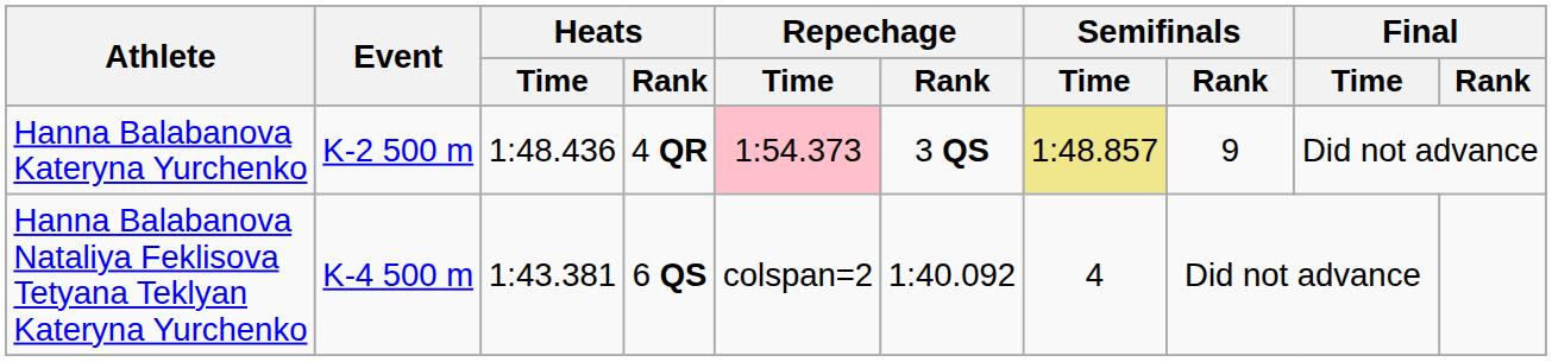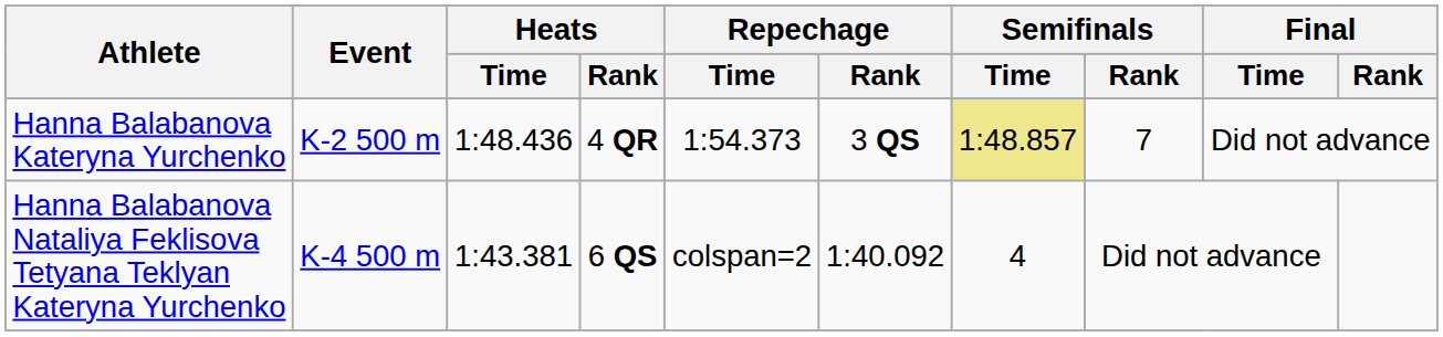 <table class=wikitable style="font-size:90%">
 <tr>
 <th rowspan="2">Athlete</th>
 <th rowspan="2">Event</th>
 <th colspan="2">Heats</th>
 <th colspan="2">Repechage</th>
 <th colspan="2">Semifinals</th>
 <th colspan="2">Final</th>
 </tr>
 <tr style="font-size:95%">
 <th>Time</th>
 <th>Rank</th>
 <th>Time</th>
 <th>Rank</th>
 <th>Time</th>
 <th>Rank</th>
 <th>Time</th>
 <th>Rank</th>
 </tr>
 <tr align=center>
 <td align=left><a href='#'>Hanna Balabanova</a><br><a href='#'>Kateryna Yurchenko</a></td>
 <td align=left><a href='#'>K-2 500 m</a></td>
 <td>1:48.436</td>
 <td>4 <strong>QR</strong></td>
-<td style="background: pink;">1:54.373</td>
+<td>1:54.373</td>
 <td>3 <strong>QS</strong></td>
 <td style="background: khaki;">1:48.857</td>
-<td>9</td>
+<td>7</td>
 <td colspan=2>Did not advance</td>
 </tr>
 <tr align=center>
 <td align=left><a href='#'>Hanna Balabanova</a><br><a href='#'>Nataliya Feklisova</a><br><a href='#'>Tetyana Teklyan</a><br><a href='#'>Kateryna Yurchenko</a></td>
 <td align=left><a href='#'>K-4 500 m</a></td>
 <td>1:43.381</td>
 <td>6 <strong>QS</strong></td>
 <td>colspan=2 </td>
 <td>1:40.092</td>
 <td>4</td>
 <td colspan=2>Did not advance</td>
 </tr>
 </table>
